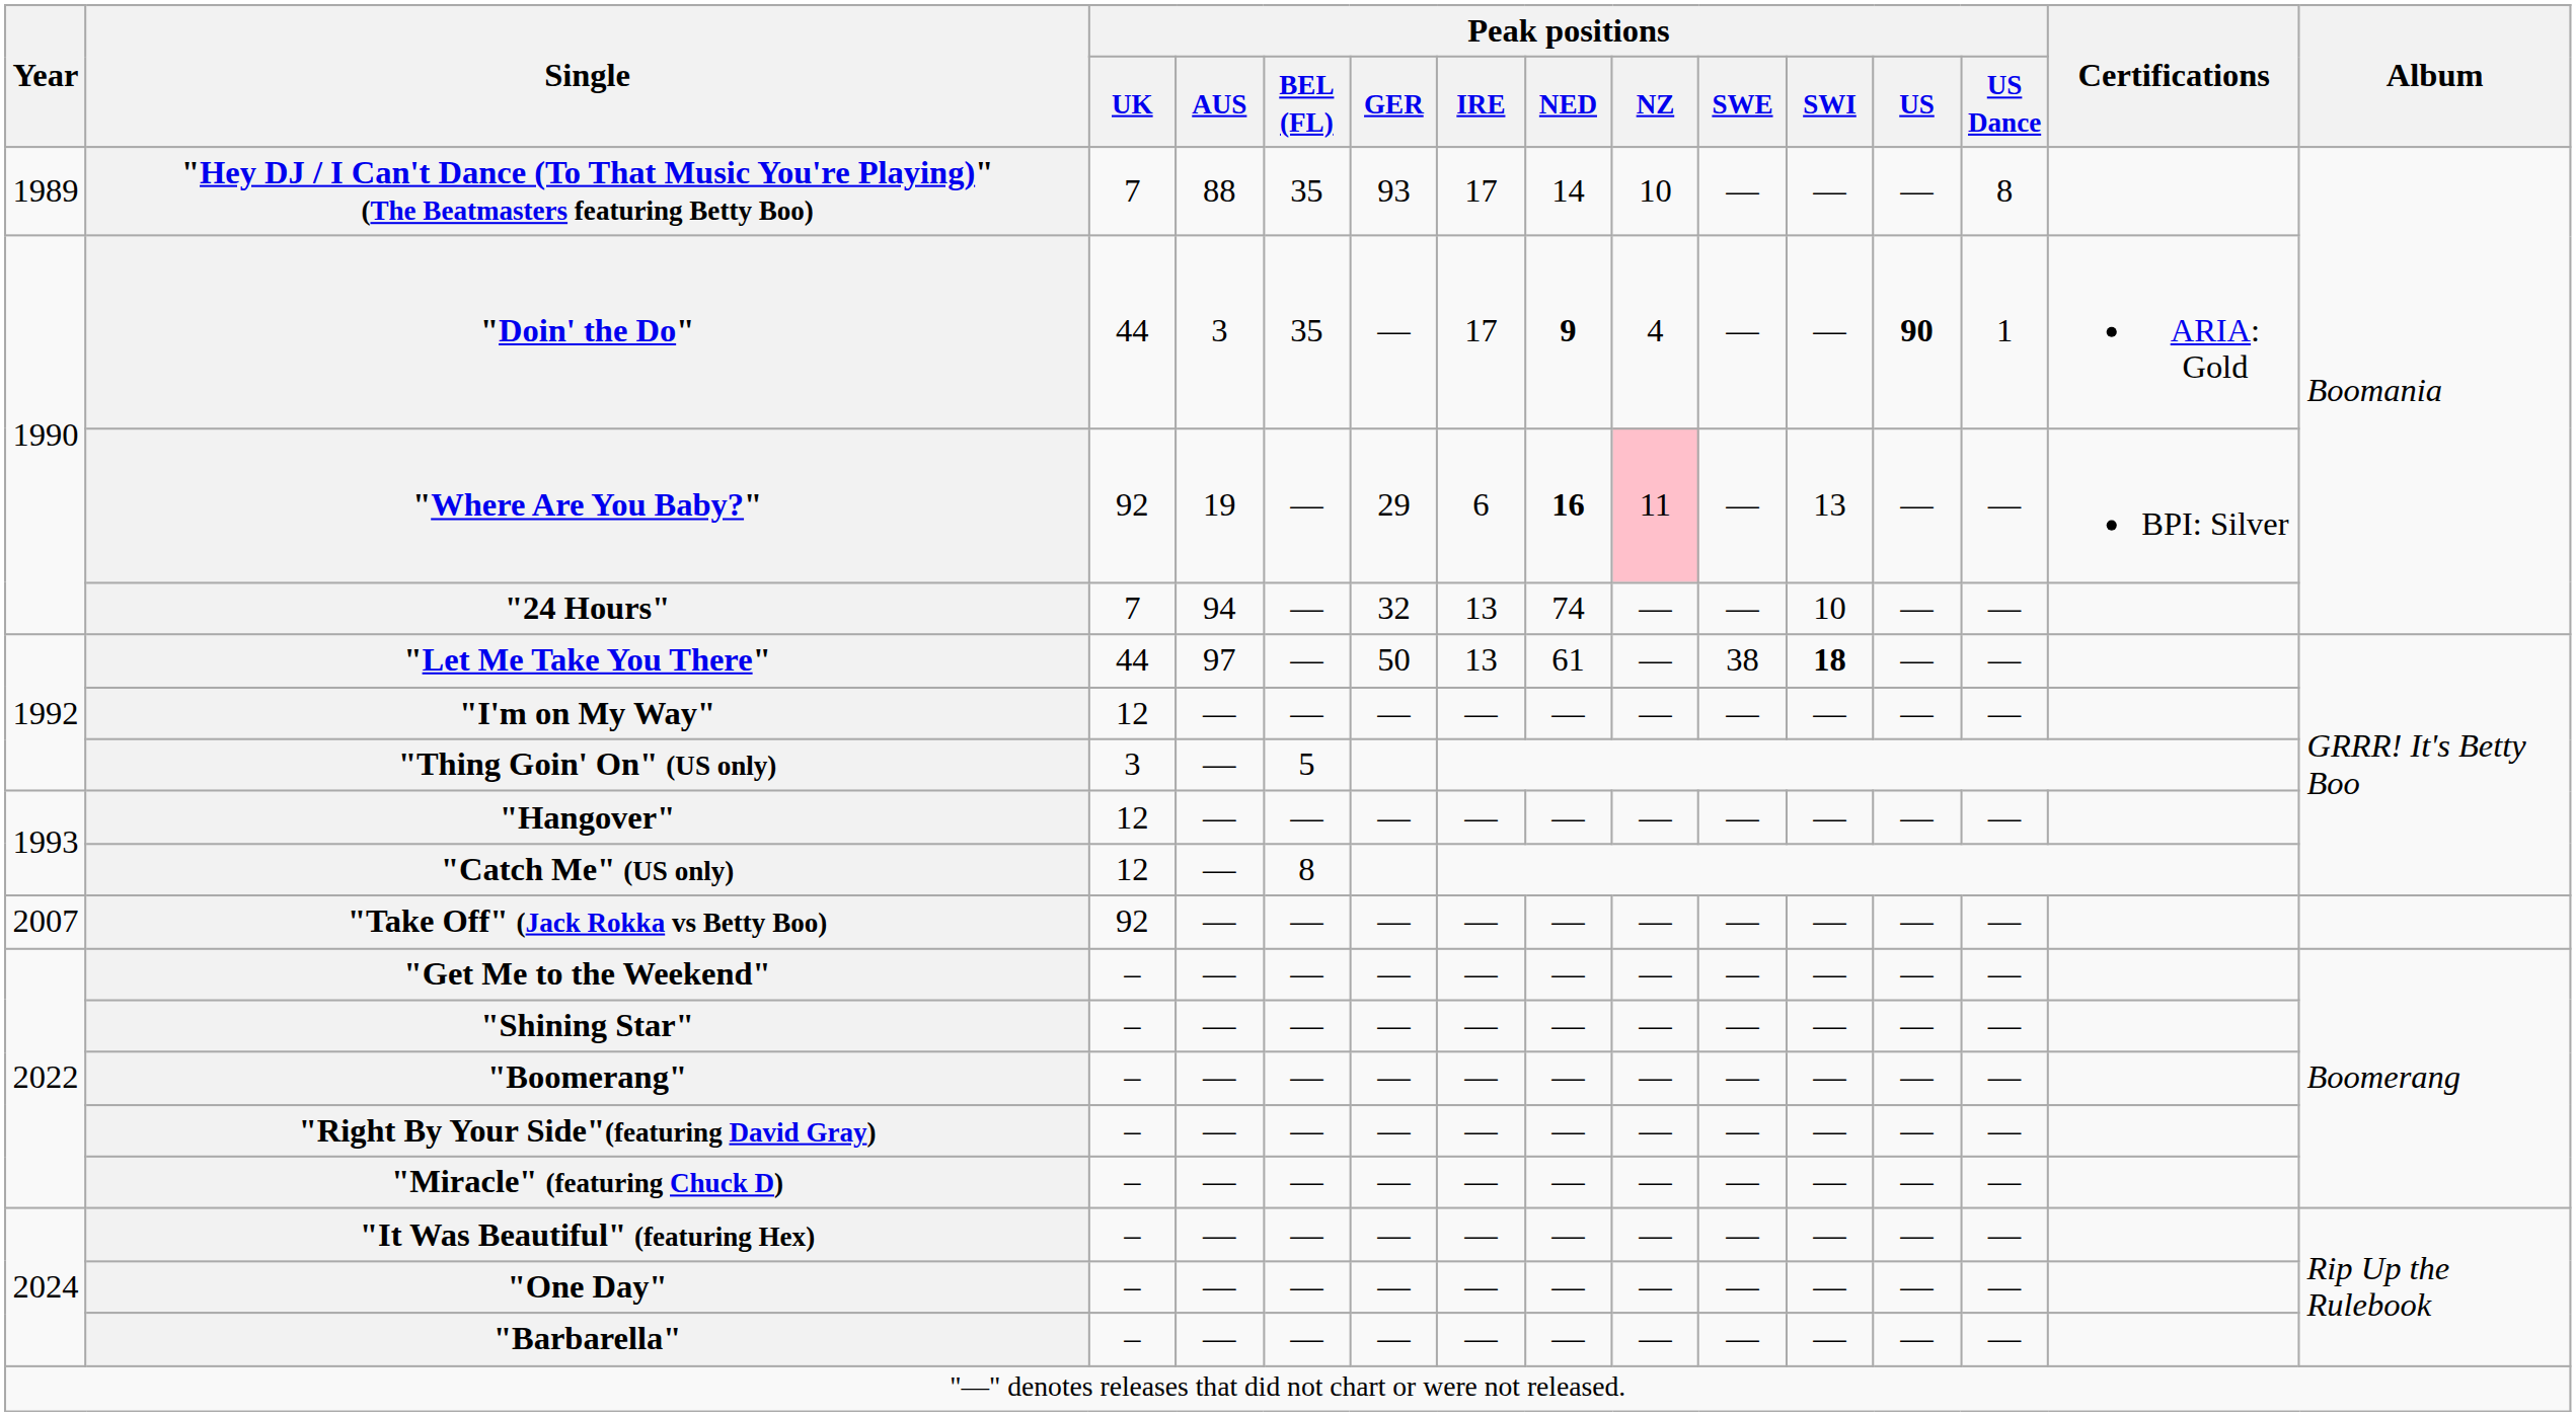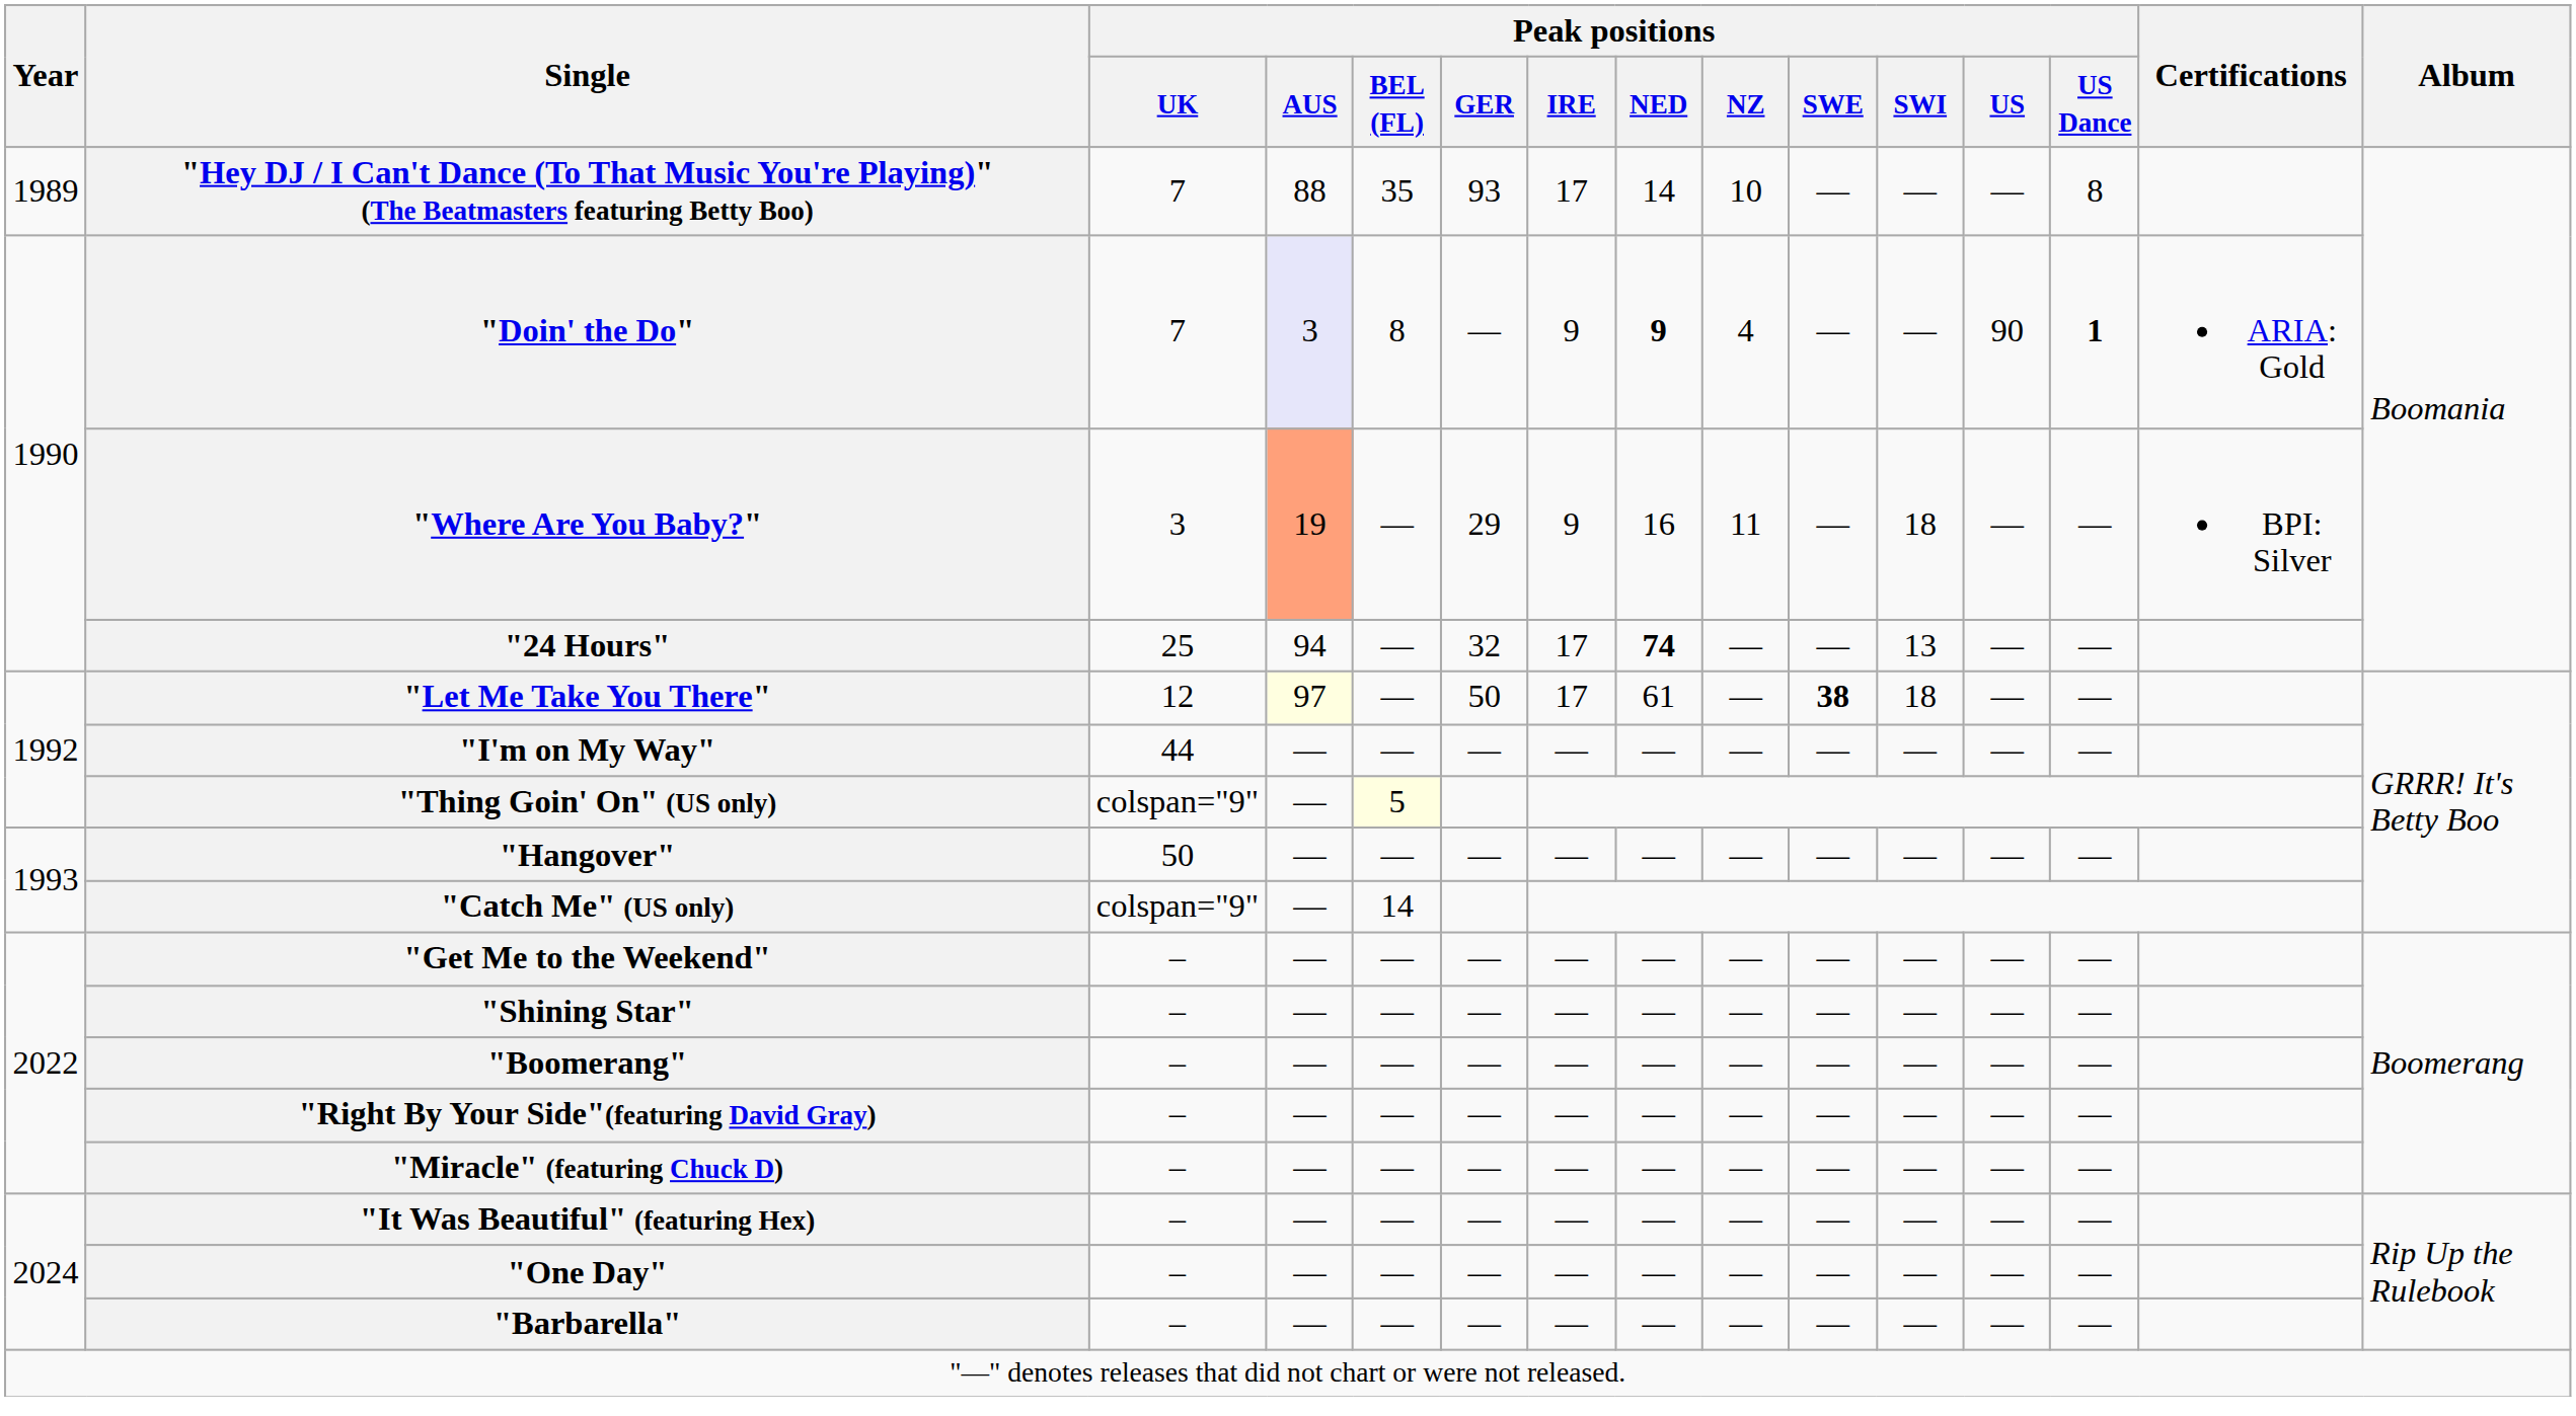 <table class="wikitable plainrowheaders" style="text-align:center;">
 <tr>
 <th rowspan="2">Year</th>
 <th rowspan="2" style="width:30em;">Single</th>
 <th colspan="11">Peak positions</th>
 <th rowspan="2">Certifications</th>
 <th rowspan="2">Album</th>
 </tr>
 <tr>
 <th style="width:35px;"><small><a href='#'>UK</a></small><br></th>
 <th style="width:35px;"><small><a href='#'>AUS</a></small><br></th>
 <th style="width:35px;"><small><a href='#'>BEL<br>(FL)</a></small><br></th>
 <th style="width:35px;"><small><a href='#'>GER</a></small><br></th>
 <th style="width:35px;"><small><a href='#'>IRE</a></small><br></th>
 <th style="width:35px;"><small><a href='#'>NED</a></small><br></th>
 <th style="width:35px;"><small><a href='#'>NZ</a></small><br></th>
 <th style="width:35px;"><small><a href='#'>SWE</a></small><br></th>
 <th style="width:35px;"><small><a href='#'>SWI</a></small><br></th>
 <th style="width:35px;"><small><a href='#'>US</a></small><br></th>
 <th style="width:35px;"><small><a href='#'>US Dance</a></small><br></th>
 </tr>
 <tr>
 <td>1989</td>
 <th scope="row">"<a href='#'>Hey DJ / I Can't Dance (To That Music You're Playing)</a>"<br><small>(<a href='#'>The Beatmasters</a> featuring Betty Boo)</small></th>
 <td>7</td>
 <td>88</td>
 <td>35</td>
 <td>93</td>
 <td>17</td>
 <td>14</td>
 <td>10</td>
 <td>—</td>
 <td>—</td>
 <td>—</td>
 <td>8</td>
 <td></td>
 <td style="text-align:left;" rowspan="4"><em>Boomania</em></td>
 </tr>
 <tr>
 <td rowspan="3">1990</td>
 <th scope="row">"<a href='#'>Doin' the Do</a>"</th>
-<td>44</td>
-<td>3</td>
-<td>35</td>
+<td>7</td>
+<td style="background: lavender;">3</td>
+<td>8</td>
 <td>—</td>
-<td>17</td>
+<td>9</td>
 <td><strong>9</strong></td>
 <td>4</td>
 <td>—</td>
 <td>—</td>
-<td><strong>90</strong></td>
-<td>1</td>
+<td>90</td>
+<td><strong>1</strong></td>
 <td><br><ul><li><a href='#'>ARIA</a>: Gold</li></ul></td>
 </tr>
 <tr>
 <th scope="row">"<a href='#'>Where Are You Baby?</a>"</th>
-<td>92</td>
-<td>19</td>
+<td>3</td>
+<td style="background: lightsalmon;">19</td>
 <td>—</td>
 <td>29</td>
-<td>6</td>
-<td><strong>16</strong></td>
-<td style="background: pink;">11</td>
+<td>9</td>
+<td>16</td>
+<td>11</td>
 <td>—</td>
-<td>13</td>
+<td>18</td>
 <td>—</td>
 <td>—</td>
 <td><br><ul><li>BPI: Silver</li></ul></td>
 </tr>
 <tr>
 <th scope="row">"24 Hours"</th>
-<td>7</td>
+<td>25</td>
 <td>94</td>
 <td>—</td>
 <td>32</td>
-<td>13</td>
-<td>74</td>
+<td>17</td>
+<td><strong>74</strong></td>
 <td>—</td>
 <td>—</td>
-<td>10</td>
+<td>13</td>
 <td>—</td>
 <td>—</td>
 <td></td>
 </tr>
 <tr>
 <td rowspan="3">1992</td>
 <th scope="row">"<a href='#'>Let Me Take You There</a>"</th>
-<td>44</td>
-<td>97</td>
+<td>12</td>
+<td style="background: lightyellow;">97</td>
 <td>—</td>
 <td>50</td>
-<td>13</td>
+<td>17</td>
 <td>61</td>
 <td>—</td>
-<td>38</td>
-<td><strong>18</strong></td>
+<td><strong>38</strong></td>
+<td>18</td>
 <td>—</td>
 <td>—</td>
 <td></td>
 <td style="text-align:left;" rowspan="5"><em>GRRR! It's Betty Boo</em></td>
 </tr>
 <tr>
 <th scope="row">"I'm on My Way"</th>
-<td>12</td>
+<td>44</td>
 <td>—</td>
 <td>—</td>
 <td>—</td>
 <td>—</td>
 <td>—</td>
 <td>—</td>
 <td>—</td>
 <td>—</td>
 <td>—</td>
 <td>—</td>
 <td></td>
 </tr>
 <tr>
 <th scope="row">"Thing Goin' On" <small>(US only)</small></th>
-<td>3</td>
+<td>colspan="9"</td>
 <td>—</td>
-<td>5</td>
+<td style="background: lightyellow;">5</td>
 <td></td>
 </tr>
 <tr>
 <td rowspan="2">1993</td>
 <th scope="row">"Hangover"</th>
-<td>12</td>
+<td>50</td>
 <td>—</td>
 <td>—</td>
 <td>—</td>
 <td>—</td>
 <td>—</td>
 <td>—</td>
 <td>—</td>
 <td>—</td>
 <td>—</td>
 <td>—</td>
 <td></td>
 </tr>
 <tr>
 <th scope="row">"Catch Me" <small>(US only)</small></th>
-<td>12</td>
+<td>colspan="9"</td>
 <td>—</td>
-<td>8</td>
-<td></td>
-</tr>
-<tr>
-<td>2007</td>
-<th scope="row">"Take Off" <small>(<a href='#'>Jack Rokka</a> vs Betty Boo)</small></th>
-<td>92</td>
-<td>—</td>
-<td>—</td>
-<td>—</td>
-<td>—</td>
-<td>—</td>
-<td>—</td>
-<td>—</td>
-<td>—</td>
-<td>—</td>
-<td>—</td>
-<td></td>
+<td>14</td>
 <td></td>
 </tr>
 <tr>
 <td rowspan="5">2022</td>
 <th scope="row">"Get Me to the Weekend"</th>
 <td>–</td>
 <td>—</td>
 <td>—</td>
 <td>—</td>
 <td>—</td>
 <td>—</td>
 <td>—</td>
 <td>—</td>
 <td>—</td>
 <td>—</td>
 <td>—</td>
 <td></td>
 <td style="text-align:left;" rowspan="5"><em>Boomerang</em></td>
 </tr>
 <tr>
 <th scope="row">"Shining Star"</th>
 <td>–</td>
 <td>—</td>
 <td>—</td>
 <td>—</td>
 <td>—</td>
 <td>—</td>
 <td>—</td>
 <td>—</td>
 <td>—</td>
 <td>—</td>
 <td>—</td>
 <td></td>
 </tr>
 <tr>
 <th scope="row">"Boomerang"</th>
 <td>–</td>
 <td>—</td>
 <td>—</td>
 <td>—</td>
 <td>—</td>
 <td>—</td>
 <td>—</td>
 <td>—</td>
 <td>—</td>
 <td>—</td>
 <td>—</td>
 <td></td>
 </tr>
 <tr>
 <th scope="row">"Right By Your Side"<small>(featuring <a href='#'>David Gray</a>)</small></th>
 <td>–</td>
 <td>—</td>
 <td>—</td>
 <td>—</td>
 <td>—</td>
 <td>—</td>
 <td>—</td>
 <td>—</td>
 <td>—</td>
 <td>—</td>
 <td>—</td>
 <td></td>
 </tr>
 <tr>
 <th scope="row">"Miracle" <small>(featuring <a href='#'>Chuck D</a>)</small></th>
 <td>–</td>
 <td>—</td>
 <td>—</td>
 <td>—</td>
 <td>—</td>
 <td>—</td>
 <td>—</td>
 <td>—</td>
 <td>—</td>
 <td>—</td>
 <td>—</td>
 <td></td>
 </tr>
 <tr>
 <td rowspan="3">2024</td>
 <th scope="row">"It Was Beautiful" <small>(featuring Hex)</small></th>
 <td>–</td>
 <td>—</td>
 <td>—</td>
 <td>—</td>
 <td>—</td>
 <td>—</td>
 <td>—</td>
 <td>—</td>
 <td>—</td>
 <td>—</td>
 <td>—</td>
 <td></td>
 <td style="text-align:left;" rowspan="3"><em>Rip Up the Rulebook</em></td>
 </tr>
 <tr>
 <th scope="row">"One Day"</th>
 <td>–</td>
 <td>—</td>
 <td>—</td>
 <td>—</td>
 <td>—</td>
 <td>—</td>
 <td>—</td>
 <td>—</td>
 <td>—</td>
 <td>—</td>
 <td>—</td>
 <td></td>
 </tr>
 <tr>
 <th scope="row">"Barbarella"</th>
 <td>–</td>
 <td>—</td>
 <td>—</td>
 <td>—</td>
 <td>—</td>
 <td>—</td>
 <td>—</td>
 <td>—</td>
 <td>—</td>
 <td>—</td>
 <td>—</td>
 <td></td>
 </tr>
 <tr>
 <td colspan="15" style="text-align:center; font-size:85%">"—" denotes releases that did not chart or were not released.</td>
 </tr>
 </table>
